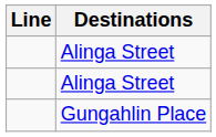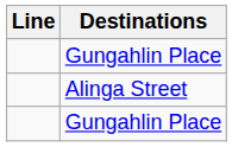 <table class="wikitable" style="float: none; margin: 0.5em; ">
 <tr>
 <th>Line</th>
 <th>Destinations</th>
 </tr>
 <tr>
 <td></td>
-<td><a href='#'>Alinga Street</a></td>
+<td><a href='#'>Gungahlin Place</a></td>
 </tr>
 <tr>
 <td></td>
 <td><a href='#'>Alinga Street</a></td>
 </tr>
 <tr>
 <td></td>
 <td><a href='#'>Gungahlin Place</a></td>
 </tr>
 </table>
